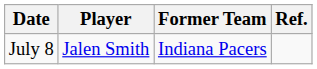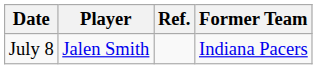 <table class="wikitable sortable sortable" style="text-align: center">
 <tr>
 <th>Date</th>
 <th>Player</th>
+<th>Ref.</th>
 <th>Former Team</th>
-<th>Ref.</th>
 </tr>
 <tr>
 <td>July 8</td>
 <td><a href='#'>Jalen Smith</a></td>
+<td></td>
 <td><a href='#'>Indiana Pacers</a></td>
-<td></td>
 </tr>
 </table>
